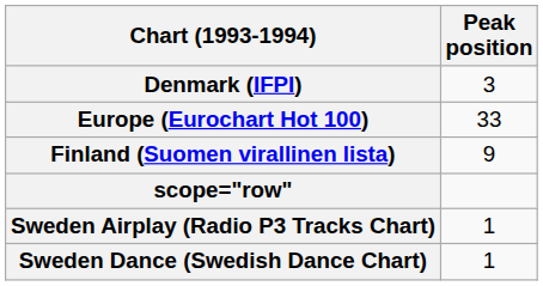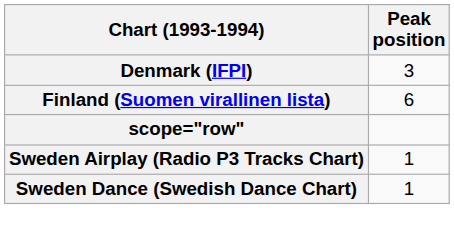 <table class="wikitable sortable plainrowheaders" style="text-align:center">
 <tr>
 <th scope="col">Chart (1993-1994)</th>
 <th scope="col">Peak<br>position</th>
 </tr>
 <tr>
 <th scope="row">Denmark (<a href='#'>IFPI</a>)</th>
 <td>3</td>
 </tr>
 <tr>
-<th scope="row">Europe (<a href='#'>Eurochart Hot 100</a>)</th>
-<td>33</td>
-</tr>
-<tr>
 <th scope="row">Finland (<a href='#'>Suomen virallinen lista</a>)</th>
-<td>9</td>
+<td>6</td>
 </tr>
 <tr>
 <th>scope="row"</th>
 </tr>
 <tr>
 <th scope="row">Sweden Airplay (Radio P3 Tracks Chart)</th>
 <td>1</td>
 </tr>
 <tr>
 <th scope="row">Sweden Dance (Swedish Dance Chart)</th>
 <td>1</td>
 </tr>
 </table>
